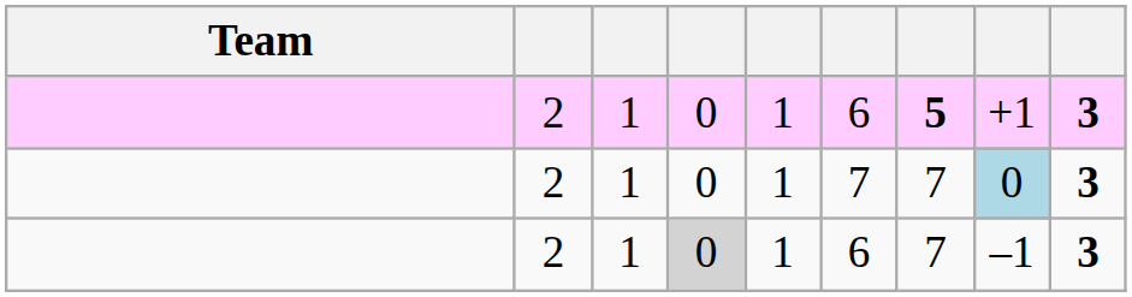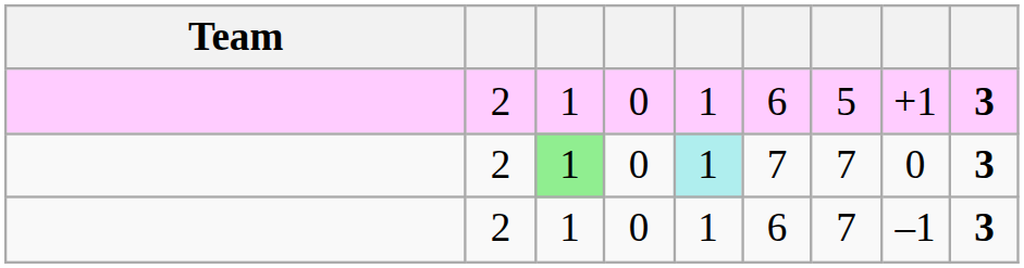 <table class="wikitable" style="text-align: center;">
 <tr>
 <th style="width:175px;">Team</th>
 <th width="20"></th>
 <th width="20"></th>
 <th width="20"></th>
 <th width="20"></th>
 <th width="20"></th>
 <th width="20"></th>
 <th width="20"></th>
 <th width="20"></th>
 </tr>
 <tr style="background:#fcf;">
 <td align=left></td>
 <td>2</td>
 <td>1</td>
 <td>0</td>
 <td>1</td>
 <td>6</td>
-<td><strong>5</strong></td>
+<td>5</td>
 <td>+1</td>
+<td><strong>3</strong></td>
+</tr>
+<tr>
+<td align=left></td>
+<td>2</td>
+<td style="background: lightgreen;">1</td>
+<td>0</td>
+<td style="background: paleturquoise;">1</td>
+<td>7</td>
+<td>7</td>
+<td>0</td>
 <td><strong>3</strong></td>
 </tr>
 <tr>
 <td align=left></td>
 <td>2</td>
 <td>1</td>
 <td>0</td>
 <td>1</td>
-<td>7</td>
-<td>7</td>
-<td style="background: lightblue;">0</td>
-<td><strong>3</strong></td>
-</tr>
-<tr>
-<td align=left></td>
-<td>2</td>
-<td>1</td>
-<td style="background: lightgrey;">0</td>
-<td>1</td>
 <td>6</td>
 <td>7</td>
 <td>–1</td>
 <td><strong>3</strong></td>
 </tr>
 </table>
